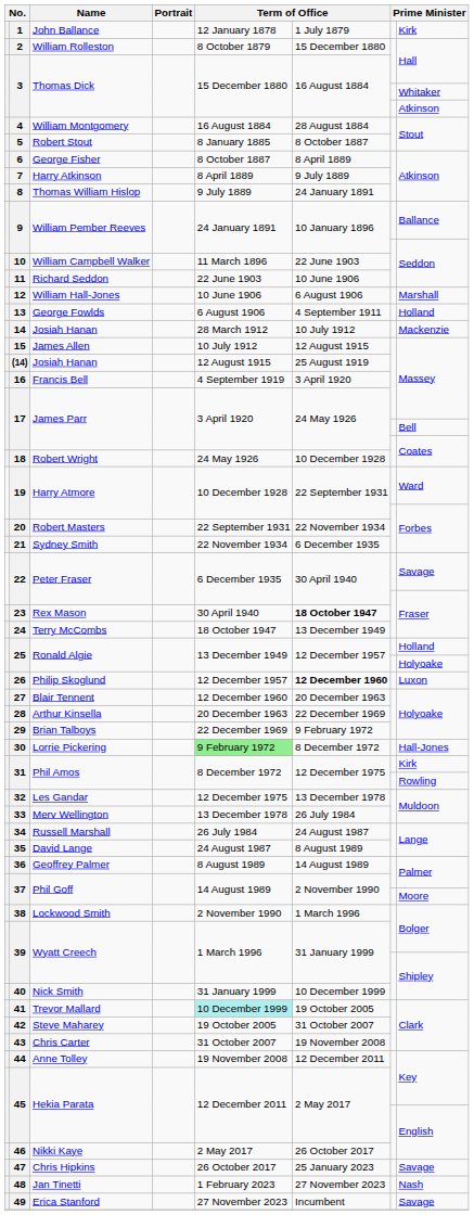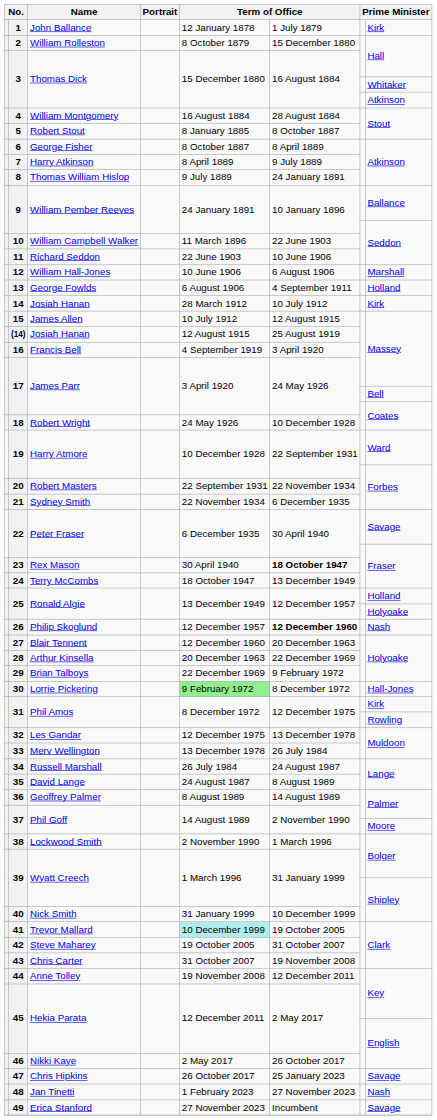 <table class="wikitable">
 <tr>
 <th colspan="2">No.</th>
 <th>Name</th>
 <th>Portrait</th>
 <th colspan="2">Term of Office</th>
 <th colspan="2">Prime Minister</th>
 </tr>
 <tr>
 <th style="color:inherit;background:"></th>
 <th>1</th>
 <td><a href='#'>John Ballance</a></td>
 <td></td>
 <td>12 January 1878</td>
 <td>1 July 1879</td>
 <td width=1 style="color:inherit;background:"></td>
 <td><a href='#'>Kirk</a></td>
 </tr>
 <tr>
 <th style="color:inherit;background:"></th>
 <th>2</th>
 <td><a href='#'>William Rolleston</a></td>
 <td></td>
 <td>8 October 1879</td>
 <td>15 December 1880</td>
 <td style="border-bottom:solid 0 grey; background:"></td>
 <td rowspan=2><a href='#'>Hall</a></td>
 </tr>
 <tr>
 <th rowspan=3 style="color:inherit;background:"></th>
 <th rowspan=3>3</th>
 <td rowspan=3><a href='#'>Thomas Dick</a></td>
 <td rowspan=3></td>
 <td rowspan=3>15 December 1880</td>
 <td rowspan=3>16 August 1884</td>
 <td height=36 style="border-top:solid 0 grey; background:"></td>
 </tr>
 <tr>
 <td style="color:inherit;background:"></td>
 <td><a href='#'>Whitaker</a></td>
 </tr>
 <tr>
 <td style="color:inherit;background:"></td>
 <td><a href='#'>Atkinson</a></td>
 </tr>
 <tr>
 <th style="color:inherit;background:"></th>
 <th>4</th>
 <td><a href='#'>William Montgomery</a></td>
 <td></td>
 <td>16 August 1884</td>
 <td>28 August 1884</td>
 <td rowspan=2 style="color:inherit;background:"></td>
 <td rowspan=2><a href='#'>Stout</a></td>
 </tr>
 <tr>
 <th style="color:inherit;background:"></th>
 <th>5</th>
 <td><a href='#'>Robert Stout</a></td>
 <td></td>
 <td>8 January 1885</td>
 <td>8 October 1887</td>
 </tr>
 <tr>
 <th style="color:inherit;background:"></th>
 <th>6</th>
 <td><a href='#'>George Fisher</a></td>
 <td></td>
 <td>8 October 1887</td>
 <td>8 April 1889</td>
 <td rowspan=3 style="color:inherit;background:"></td>
 <td rowspan=3><a href='#'>Atkinson</a></td>
 </tr>
 <tr>
 <th style="color:inherit;background:"></th>
 <th>7</th>
 <td><a href='#'>Harry Atkinson</a></td>
 <td></td>
 <td>8 April 1889</td>
 <td>9 July 1889</td>
 </tr>
 <tr>
 <th style="color:inherit;background:"></th>
 <th>8</th>
 <td><a href='#'>Thomas William Hislop</a></td>
 <td></td>
 <td>9 July 1889</td>
 <td>24 January 1891</td>
 </tr>
 <tr>
 <th height=15 rowspan=2 style="color:inherit;background:"></th>
 <th rowspan=2>9</th>
 <td rowspan=2><a href='#'>William Pember Reeves</a></td>
 <td rowspan=2></td>
 <td rowspan=2>24 January 1891</td>
 <td rowspan=2>10 January 1896</td>
 <td height=50 style="color:inherit;background:"></td>
 <td><a href='#'>Ballance</a></td>
 </tr>
 <tr>
 <td height=15 style="border-bottom:solid 0 grey; background:"></td>
 <td rowspan=3><a href='#'>Seddon</a></td>
 </tr>
 <tr>
 <th style="color:inherit;background:"></th>
 <th>10</th>
 <td><a href='#'>William Campbell Walker</a></td>
 <td></td>
 <td>11 March 1896</td>
 <td>22 June 1903</td>
 <td rowspan=2 style="border-top:solid 0 grey; background:"></td>
 </tr>
 <tr>
 <th style="color:inherit;background:"></th>
 <th>11</th>
 <td><a href='#'>Richard Seddon</a></td>
 <td></td>
 <td>22 June 1903</td>
 <td>10 June 1906</td>
 </tr>
 <tr>
 <th style="color:inherit;background:"></th>
 <th>12</th>
 <td><a href='#'>William Hall-Jones</a></td>
 <td></td>
 <td>10 June 1906</td>
 <td>6 August 1906</td>
 <td style="color:inherit;background:"></td>
 <td><a href='#'>Marshall</a></td>
 </tr>
 <tr>
 <th style="color:inherit;background:"></th>
 <th>13</th>
 <td><a href='#'>George Fowlds</a></td>
 <td></td>
 <td>6 August 1906</td>
 <td>4 September 1911</td>
 <td style="color:inherit;background:"></td>
 <td><a href='#'>Holland</a></td>
 </tr>
 <tr>
 <th style="color:inherit;background:"></th>
 <th>14</th>
 <td><a href='#'>Josiah Hanan</a></td>
 <td></td>
 <td>28 March 1912</td>
 <td>10 July 1912</td>
 <td style="color:inherit;background:"></td>
-<td><a href='#'>Mackenzie</a></td>
+<td><a href='#'>Kirk</a></td>
 </tr>
 <tr>
 <th style="color:inherit;background:"></th>
 <th>15</th>
 <td><a href='#'>James Allen</a></td>
 <td></td>
 <td>10 July 1912</td>
 <td>12 August 1915</td>
 <td rowspan=3 style="border-bottom:solid 0 grey; background:"></td>
 <td rowspan=4><a href='#'>Massey</a></td>
 </tr>
 <tr>
 <th style="color:inherit;background:"></th>
 <th><small>(14)</small></th>
 <td><a href='#'>Josiah Hanan</a></td>
 <td></td>
 <td>12 August 1915</td>
 <td>25 August 1919</td>
 </tr>
 <tr>
 <th style="color:inherit;background:"></th>
 <th>16</th>
 <td><a href='#'>Francis Bell</a></td>
 <td></td>
 <td>4 September 1919</td>
 <td>3 April 1920</td>
 </tr>
 <tr>
 <th rowspan=3 style="color:inherit;background:"></th>
 <th rowspan=3>17</th>
 <td rowspan=3><a href='#'>James Parr</a></td>
 <td rowspan=3></td>
 <td rowspan=3>3 April 1920</td>
 <td rowspan=3>24 May 1926</td>
 <td height=40 style="border-top:solid 0 grey; background:"></td>
 </tr>
 <tr>
 <td height=15 style="color:inherit;background:"></td>
 <td><a href='#'>Bell</a></td>
 </tr>
 <tr>
 <td height=15 style="border-bottom:solid 0 grey; background:"></td>
 <td rowspan=2><a href='#'>Coates</a></td>
 </tr>
 <tr>
 <th style="color:inherit;background:"></th>
 <th>18</th>
 <td><a href='#'>Robert Wright</a></td>
 <td></td>
 <td>24 May 1926</td>
 <td>10 December 1928</td>
 <td style="border-top:solid 0 grey; background:"></td>
 </tr>
 <tr>
 <td height=50 style="border-bottom:solid 0 grey; background:"></td>
 <th rowspan=2>19</th>
 <td rowspan=2><a href='#'>Harry Atmore</a></td>
 <td rowspan=2></td>
 <td rowspan=2>10 December 1928</td>
 <td rowspan=2>22 September 1931</td>
 <td style="color:inherit;background:"></td>
 <td><a href='#'>Ward</a></td>
 </tr>
 <tr>
 <td height=15 style="border-top:solid 0 grey; background:"></td>
 <td style="border-bottom:solid 0 grey; background:"></td>
 <td rowspan=3><a href='#'>Forbes</a></td>
 </tr>
 <tr>
 <th style="color:inherit;background:"></th>
 <th>20</th>
 <td><a href='#'>Robert Masters</a></td>
 <td></td>
 <td>22 September 1931</td>
 <td>22 November 1934</td>
 <td rowspan=2 style="border-top:solid 0 grey; background:"></td>
 </tr>
 <tr>
 <th style="color:inherit;background:"></th>
 <th>21</th>
 <td><a href='#'>Sydney Smith</a></td>
 <td></td>
 <td>22 November 1934</td>
 <td>6 December 1935</td>
 </tr>
 <tr>
 <td height=50 style="border-bottom:solid 0 grey; background:"></td>
 <th rowspan=2>22</th>
 <td rowspan=2><a href='#'>Peter Fraser</a></td>
 <td rowspan=2></td>
 <td rowspan=2>6 December 1935</td>
 <td rowspan=2>30 April 1940</td>
 <td style="color:inherit;background:"></td>
 <td><a href='#'>Savage</a></td>
 </tr>
 <tr>
 <td height=15 style="border-top:solid 0 grey; background:"></td>
 <td style="border-bottom:solid 0 grey; background:"></td>
 <td rowspan=3><a href='#'>Fraser</a></td>
 </tr>
 <tr>
 <th style="color:inherit;background:"></th>
 <th>23</th>
 <td><a href='#'>Rex Mason</a></td>
 <td></td>
 <td>30 April 1940</td>
 <td><strong>18 October 1947</strong></td>
 <td rowspan=2 style="border-top:solid 0 grey; background:"></td>
 </tr>
 <tr>
 <th style="color:inherit;background:"></th>
 <th>24</th>
 <td><a href='#'>Terry McCombs</a></td>
 <td></td>
 <td>18 October 1947</td>
 <td>13 December 1949</td>
 </tr>
 <tr>
 <th rowspan=2 style="color:inherit;background:"></th>
 <th rowspan=2>25</th>
 <td rowspan=2><a href='#'>Ronald Algie</a></td>
 <td rowspan=2></td>
 <td rowspan=2>13 December 1949</td>
 <td rowspan=2>12 December 1957</td>
 <td style="color:inherit;background:"></td>
 <td><a href='#'>Holland</a></td>
 </tr>
 <tr>
 <td style="color:inherit;background:"></td>
 <td><a href='#'>Holyoake</a></td>
 </tr>
 <tr>
 <th style="color:inherit;background:"></th>
 <th>26</th>
 <td><a href='#'>Philip Skoglund</a></td>
 <td></td>
 <td>12 December 1957</td>
 <td><strong>12 December 1960</strong></td>
 <td style="color:inherit;background:"></td>
-<td><a href='#'>Luxon</a></td>
+<td><a href='#'>Nash</a></td>
 </tr>
 <tr>
 <th style="color:inherit;background:"></th>
 <th>27</th>
 <td><a href='#'>Blair Tennent</a></td>
 <td></td>
 <td>12 December 1960</td>
 <td>20 December 1963</td>
 <td rowspan=3 style="color:inherit;background:"></td>
 <td rowspan=3><a href='#'>Holyoake</a></td>
 </tr>
 <tr>
 <th style="color:inherit;background:"></th>
 <th>28</th>
 <td><a href='#'>Arthur Kinsella</a></td>
 <td></td>
 <td>20 December 1963</td>
 <td>22 December 1969</td>
 </tr>
 <tr>
 <th style="color:inherit;background:"></th>
 <th>29</th>
 <td><a href='#'>Brian Talboys</a></td>
 <td></td>
 <td>22 December 1969</td>
 <td>9 February 1972</td>
 </tr>
 <tr>
 <th style="color:inherit;background:"></th>
 <th>30</th>
 <td><a href='#'>Lorrie Pickering</a></td>
 <td></td>
 <td style="background: lightgreen;">9 February 1972</td>
 <td>8 December 1972</td>
 <td style="color:inherit;background:"></td>
 <td><a href='#'>Hall-Jones</a></td>
 </tr>
 <tr>
 <th rowspan=2 style="color:inherit;background:"></th>
 <th rowspan=2>31</th>
 <td rowspan=2><a href='#'>Phil Amos</a></td>
 <td rowspan=2></td>
 <td rowspan=2>8 December 1972</td>
 <td rowspan=2>12 December 1975</td>
 <td style="color:inherit;background:"></td>
 <td><a href='#'>Kirk</a></td>
 </tr>
 <tr>
 <td style="color:inherit;background:"></td>
 <td><a href='#'>Rowling</a></td>
 </tr>
 <tr>
 <th style="color:inherit;background:"></th>
 <th>32</th>
 <td><a href='#'>Les Gandar</a></td>
 <td></td>
 <td>12 December 1975</td>
 <td>13 December 1978</td>
 <td rowspan=2 style="color:inherit;background:"></td>
 <td rowspan=2><a href='#'>Muldoon</a></td>
 </tr>
 <tr>
 <th style="color:inherit;background:"></th>
 <th>33</th>
 <td><a href='#'>Merv Wellington</a></td>
 <td></td>
 <td>13 December 1978</td>
 <td>26 July 1984</td>
 </tr>
 <tr>
 <th style="color:inherit;background:"></th>
 <th>34</th>
 <td><a href='#'>Russell Marshall</a></td>
 <td></td>
 <td>26 July 1984</td>
 <td>24 August 1987</td>
 <td rowspan=2 style="color:inherit;background:"></td>
 <td rowspan=2><a href='#'>Lange</a></td>
 </tr>
 <tr>
 <th style="color:inherit;background:"></th>
 <th>35</th>
 <td><a href='#'>David Lange</a></td>
 <td></td>
 <td>24 August 1987</td>
 <td>8 August 1989</td>
 </tr>
 <tr>
 <th style="color:inherit;background:"></th>
 <th>36</th>
 <td><a href='#'>Geoffrey Palmer</a></td>
 <td></td>
 <td>8 August 1989</td>
 <td>14 August 1989</td>
 <td rowspan="2" style="color:inherit;background:"></td>
 <td rowspan="2"><a href='#'>Palmer</a></td>
 </tr>
 <tr>
 <th height=15 style="border-bottom:solid 0 grey; background:"></th>
 <th rowspan="2">37</th>
 <td rowspan="2"><a href='#'>Phil Goff</a></td>
 <td rowspan="2"></td>
 <td rowspan="2">14 August 1989</td>
 <td rowspan="2">2 November 1990</td>
 </tr>
 <tr>
 <th height=15 style="border-top:solid 0 grey; background:"></th>
 <td style="color:inherit;background:"></td>
 <td><a href='#'>Moore</a></td>
 </tr>
 <tr>
 <th style="color:inherit;background:"></th>
 <th>38</th>
 <td><a href='#'>Lockwood Smith</a></td>
 <td></td>
 <td>2 November 1990</td>
 <td>1 March 1996</td>
 <td rowspan="2" style="color:inherit;background:"></td>
 <td rowspan="2"><a href='#'>Bolger</a></td>
 </tr>
 <tr>
 <th height=40 style="border-bottom:solid 0 grey; background:"></th>
 <th rowspan="2">39</th>
 <td rowspan="2"><a href='#'>Wyatt Creech</a></td>
 <td rowspan="2"></td>
 <td rowspan="2">1 March 1996</td>
 <td rowspan="2">31 January 1999</td>
 </tr>
 <tr>
 <th height=40 style="border-top:solid 0 grey; background:"></th>
 <td rowspan="2" style="color:inherit;background:"></td>
 <td rowspan="2"><a href='#'>Shipley</a></td>
 </tr>
 <tr>
 <th style="color:inherit;background:"></th>
 <th>40</th>
 <td><a href='#'>Nick Smith</a></td>
 <td></td>
 <td>31 January 1999</td>
 <td>10 December 1999</td>
 </tr>
 <tr>
 <th style="color:inherit;background:"></th>
 <th>41</th>
 <td><a href='#'>Trevor Mallard</a></td>
 <td></td>
 <td style="background: paleturquoise;">10 December 1999</td>
 <td>19 October 2005</td>
 <td rowspan=3 style="color:inherit;background:"></td>
 <td rowspan=3><a href='#'>Clark</a></td>
 </tr>
 <tr>
 <th style="color:inherit;background:"></th>
 <th>42</th>
 <td><a href='#'>Steve Maharey</a></td>
 <td></td>
 <td>19 October 2005</td>
 <td>31 October 2007</td>
 </tr>
 <tr>
 <th style="color:inherit;background:"></th>
 <th>43</th>
 <td><a href='#'>Chris Carter</a></td>
 <td></td>
 <td>31 October 2007</td>
 <td>19 November 2008</td>
 </tr>
 <tr>
 <th style="color:inherit;background:"></th>
 <th>44</th>
 <td><a href='#'>Anne Tolley</a></td>
 <td></td>
 <td>19 November 2008</td>
 <td>12 December 2011</td>
 <td rowspan="2" style="color:inherit;background:"></td>
 <td rowspan="2"><a href='#'>Key</a></td>
 </tr>
 <tr>
 <th height=50 style="border-bottom:solid 0 grey; background:"></th>
 <th rowspan="2">45</th>
 <td rowspan="2"><a href='#'>Hekia Parata</a></td>
 <td rowspan="2"></td>
 <td rowspan="2">12 December 2011</td>
 <td rowspan="2">2 May 2017</td>
 </tr>
 <tr>
 <th height=50 style="border-top:solid 0 grey; background:"></th>
 <td rowspan="2" style="color:inherit;background:"></td>
 <td rowspan="2"><a href='#'>English</a></td>
 </tr>
 <tr>
 <th style="color:inherit;background:"></th>
 <th>46</th>
 <td><a href='#'>Nikki Kaye</a></td>
 <td></td>
 <td>2 May 2017</td>
 <td>26 October 2017</td>
 </tr>
 <tr>
 <th style="color:inherit;background:"></th>
 <th>47</th>
 <td><a href='#'>Chris Hipkins</a></td>
 <td></td>
 <td>26 October 2017</td>
 <td>25 January 2023</td>
 <td style="color:inherit;background:"></td>
 <td><a href='#'>Savage</a></td>
 </tr>
 <tr>
 <th style="color:inherit;background:"></th>
 <th>48</th>
 <td><a href='#'>Jan Tinetti</a></td>
 <td></td>
 <td>1 February 2023</td>
 <td>27 November 2023</td>
 <td style="color:inherit;background:"></td>
 <td><a href='#'>Nash</a></td>
 </tr>
 <tr>
 <th style="color:inherit;background:"></th>
 <th>49</th>
 <td><a href='#'>Erica Stanford</a></td>
 <td></td>
 <td>27 November 2023</td>
 <td>Incumbent</td>
 <td style="color:inherit;background:"></td>
 <td><a href='#'>Savage</a></td>
 </tr>
 <tr>
 </tr>
 </table>
